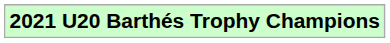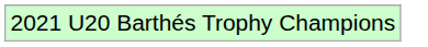 <table class="wikitable">
 <tr>
 </tr>
 <tr width=10px bgcolor="#ccffcc">
-<td><strong>2021 U20 Barthés Trophy Champions</strong></td>
+<td>2021 U20 Barthés Trophy Champions</td>
 </tr>
 </table>
